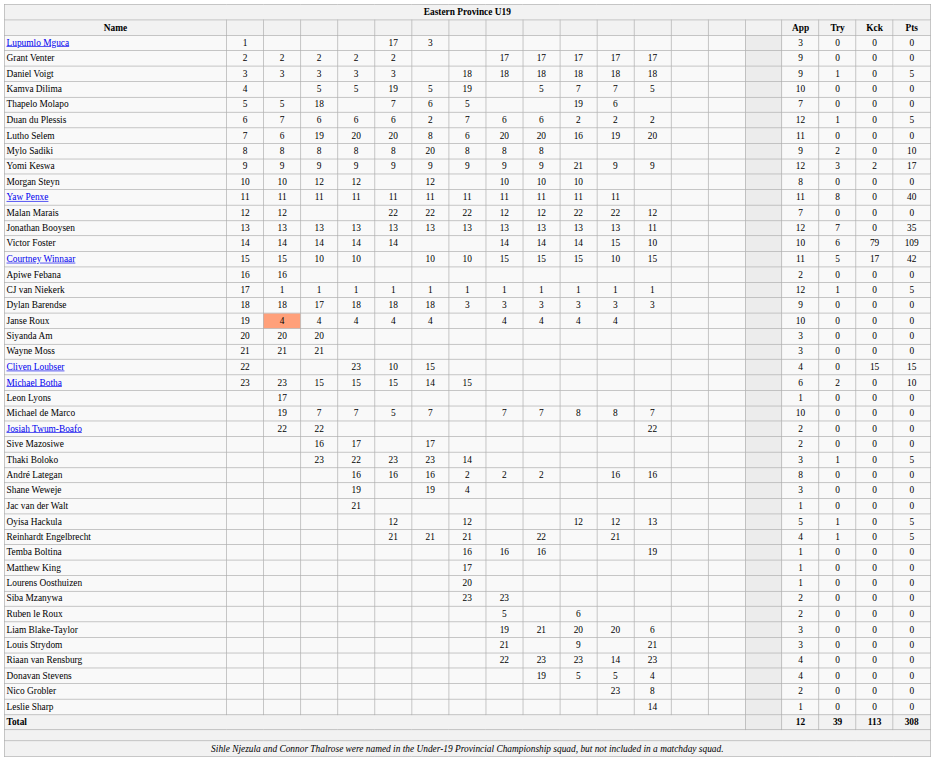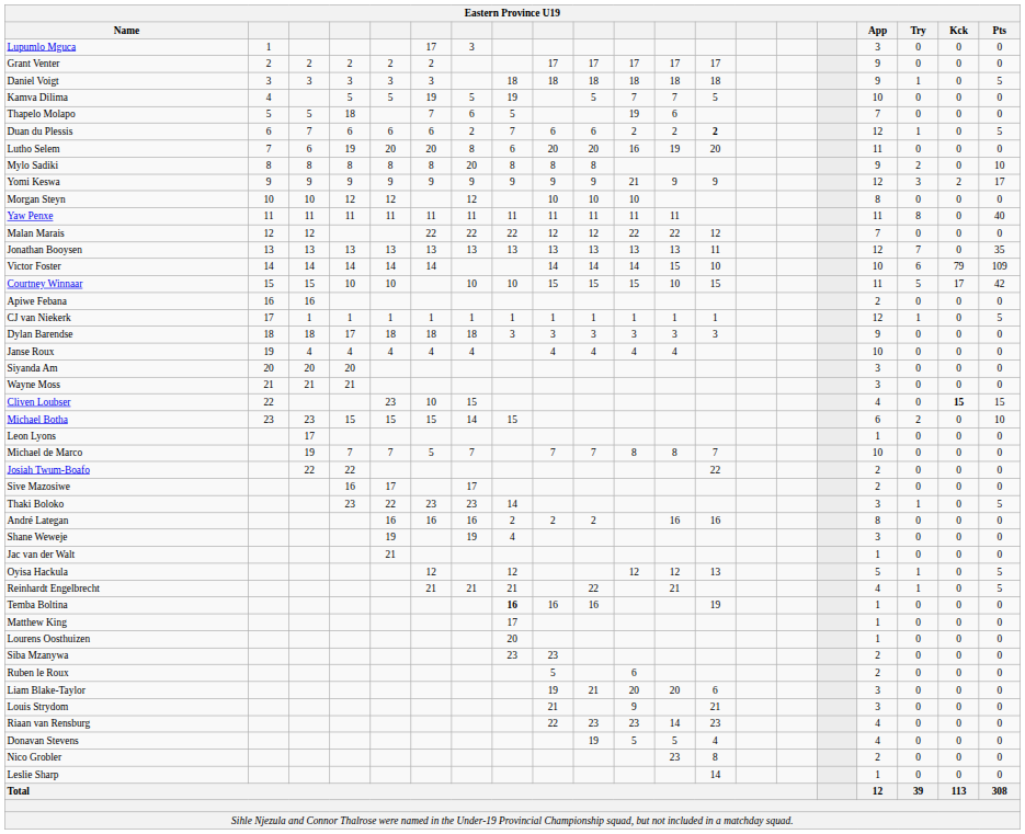 <table class="wikitable sortable" style="text-align:center; font-size:90%; width:90%">
 <tr>
 <th colspan="100%">Eastern Province U19</th>
 </tr>
 <tr>
 <th style="width:24%;">Name</th>
 <th style="width:4%;"></th>
 <th style="width:4%;"></th>
 <th style="width:4%;"></th>
 <th style="width:4%;"></th>
 <th style="width:4%;"></th>
 <th style="width:4%;"></th>
 <th style="width:4%;"></th>
 <th style="width:4%;"></th>
 <th style="width:4%;"></th>
 <th style="width:4%;"></th>
 <th style="width:4%;"></th>
 <th style="width:4%;"></th>
 <th style="width:4%;"></th>
 <th style="width:4%;"></th>
 <th style="width:4%;"></th>
 <th style="width:4%;">App</th>
 <th style="width:4%;">Try</th>
 <th style="width:4%;">Kck</th>
 <th style="width:4%;">Pts</th>
 </tr>
 <tr>
 <td style="text-align:left;"><a href='#'>Lupumlo Mguca</a></td>
 <td>1</td>
 <td></td>
 <td></td>
 <td></td>
 <td>17 </td>
 <td>3</td>
 <td></td>
 <td></td>
 <td></td>
 <td></td>
 <td></td>
 <td></td>
 <td></td>
 <td></td>
 <td style="background:#ECECEC;"></td>
 <td>3</td>
 <td>0</td>
 <td>0</td>
 <td>0</td>
 </tr>
 <tr>
 <td style="text-align:left;">Grant Venter</td>
 <td>2</td>
 <td>2</td>
 <td>2</td>
 <td>2</td>
 <td>2</td>
 <td></td>
 <td></td>
 <td>17 </td>
 <td>17 </td>
 <td>17</td>
 <td>17 </td>
 <td>17 </td>
 <td></td>
 <td></td>
 <td style="background:#ECECEC;"></td>
 <td>9</td>
 <td>0</td>
 <td>0</td>
 <td>0</td>
 </tr>
 <tr>
 <td style="text-align:left;">Daniel Voigt</td>
 <td>3</td>
 <td>3</td>
 <td>3</td>
 <td>3</td>
 <td>3</td>
 <td></td>
 <td>18 </td>
 <td>18 </td>
 <td>18 </td>
 <td>18</td>
 <td>18</td>
 <td>18 </td>
 <td></td>
 <td></td>
 <td style="background:#ECECEC;"></td>
 <td>9</td>
 <td>1</td>
 <td>0</td>
 <td>5</td>
 </tr>
 <tr>
 <td style="text-align:left;">Kamva Dilima</td>
 <td>4</td>
 <td></td>
 <td>5</td>
 <td>5</td>
 <td>19 </td>
 <td>5</td>
 <td>19 </td>
 <td></td>
 <td>5</td>
 <td>7</td>
 <td>7</td>
 <td>5</td>
 <td></td>
 <td></td>
 <td style="background:#ECECEC;"></td>
 <td>10</td>
 <td>0</td>
 <td>0</td>
 <td>0</td>
 </tr>
 <tr>
 <td style="text-align:left;">Thapelo Molapo</td>
 <td>5</td>
 <td>5</td>
 <td>18</td>
 <td></td>
 <td>7</td>
 <td>6</td>
 <td>5</td>
 <td></td>
 <td></td>
 <td>19 </td>
 <td>6</td>
 <td></td>
 <td></td>
 <td></td>
 <td style="background:#ECECEC;"></td>
 <td>7</td>
 <td>0</td>
 <td>0</td>
 <td>0</td>
 </tr>
 <tr>
 <td style="text-align:left;">Duan du Plessis</td>
 <td>6</td>
 <td>7</td>
 <td>6</td>
 <td>6</td>
 <td>6</td>
 <td>2</td>
 <td>7</td>
 <td>6</td>
 <td>6</td>
 <td>2</td>
 <td>2</td>
-<td>2</td>
+<td><strong>2</strong></td>
 <td></td>
 <td></td>
 <td style="background:#ECECEC;"></td>
 <td>12</td>
 <td>1</td>
 <td>0</td>
 <td>5</td>
 </tr>
 <tr>
 <td style="text-align:left;">Lutho Selem</td>
 <td>7</td>
 <td>6</td>
 <td>19 </td>
 <td>20 </td>
 <td>20 </td>
 <td>8</td>
 <td>6</td>
 <td>20 </td>
 <td>20 </td>
 <td>16 </td>
 <td>19</td>
 <td>20 </td>
 <td></td>
 <td></td>
 <td style="background:#ECECEC;"></td>
 <td>11</td>
 <td>0</td>
 <td>0</td>
 <td>0</td>
 </tr>
 <tr>
 <td style="text-align:left;">Mylo Sadiki</td>
 <td>8</td>
 <td>8</td>
 <td>8</td>
 <td>8</td>
 <td>8</td>
 <td>20 </td>
 <td>8</td>
 <td>8</td>
 <td>8</td>
 <td></td>
 <td></td>
 <td></td>
 <td></td>
 <td></td>
 <td style="background:#ECECEC;"></td>
 <td>9</td>
 <td>2</td>
 <td>0</td>
 <td>10</td>
 </tr>
 <tr>
 <td style="text-align:left;">Yomi Keswa</td>
 <td>9</td>
 <td>9</td>
 <td>9</td>
 <td>9</td>
 <td>9</td>
 <td>9</td>
 <td>9</td>
 <td>9</td>
 <td>9</td>
 <td>21 </td>
 <td>9</td>
 <td>9</td>
 <td></td>
 <td></td>
 <td style="background:#ECECEC;"></td>
 <td>12</td>
 <td>3</td>
 <td>2</td>
 <td>17</td>
 </tr>
 <tr>
 <td style="text-align:left;">Morgan Steyn</td>
 <td>10</td>
 <td>10</td>
 <td>12</td>
 <td>12</td>
 <td></td>
 <td>12</td>
 <td></td>
 <td>10</td>
 <td>10</td>
 <td>10</td>
 <td></td>
 <td></td>
 <td></td>
 <td></td>
 <td style="background:#ECECEC;"></td>
 <td>8</td>
 <td>0</td>
 <td>0</td>
 <td>0</td>
 </tr>
 <tr>
 <td style="text-align:left;"><a href='#'>Yaw Penxe</a></td>
 <td>11</td>
 <td>11</td>
 <td>11</td>
 <td>11</td>
 <td>11</td>
 <td>11</td>
 <td>11</td>
 <td>11</td>
 <td>11</td>
 <td>11</td>
 <td>11</td>
 <td></td>
 <td></td>
 <td></td>
 <td style="background:#ECECEC;"></td>
 <td>11</td>
 <td>8</td>
 <td>0</td>
 <td>40</td>
 </tr>
 <tr>
 <td style="text-align:left;">Malan Marais</td>
 <td>12</td>
 <td>12</td>
 <td></td>
 <td></td>
 <td>22</td>
 <td>22 </td>
 <td>22</td>
 <td>12</td>
 <td>12</td>
 <td>22</td>
 <td>22 </td>
 <td>12</td>
 <td></td>
 <td></td>
 <td style="background:#ECECEC;"></td>
 <td>7</td>
 <td>0</td>
 <td>0</td>
 <td>0</td>
 </tr>
 <tr>
 <td style="text-align:left;">Jonathan Booysen</td>
 <td>13</td>
 <td>13</td>
 <td>13</td>
 <td>13</td>
 <td>13</td>
 <td>13</td>
 <td>13</td>
 <td>13</td>
 <td>13</td>
 <td>13</td>
 <td>13</td>
 <td>11</td>
 <td></td>
 <td></td>
 <td style="background:#ECECEC;"></td>
 <td>12</td>
 <td>7</td>
 <td>0</td>
 <td>35</td>
 </tr>
 <tr>
 <td style="text-align:left;">Victor Foster</td>
 <td>14</td>
 <td>14</td>
 <td>14</td>
 <td>14</td>
 <td>14</td>
 <td></td>
 <td></td>
 <td>14</td>
 <td>14</td>
 <td>14</td>
 <td>15</td>
 <td>10</td>
 <td></td>
 <td></td>
 <td style="background:#ECECEC;"></td>
 <td>10</td>
 <td>6</td>
 <td>79</td>
 <td>109</td>
 </tr>
 <tr>
 <td style="text-align:left;"><a href='#'>Courtney Winnaar</a></td>
 <td>15</td>
 <td>15</td>
 <td>10</td>
 <td>10</td>
 <td></td>
 <td>10</td>
 <td>10</td>
 <td>15</td>
 <td>15</td>
 <td>15</td>
 <td>10</td>
 <td>15</td>
 <td></td>
 <td></td>
 <td style="background:#ECECEC;"></td>
 <td>11</td>
 <td>5</td>
 <td>17</td>
 <td>42</td>
 </tr>
 <tr>
 <td style="text-align:left;">Apiwe Febana</td>
 <td>16 </td>
 <td>16 </td>
 <td></td>
 <td></td>
 <td></td>
 <td></td>
 <td></td>
 <td></td>
 <td></td>
 <td></td>
 <td></td>
 <td></td>
 <td></td>
 <td></td>
 <td style="background:#ECECEC;"></td>
 <td>2</td>
 <td>0</td>
 <td>0</td>
 <td>0</td>
 </tr>
 <tr>
 <td style="text-align:left;">CJ van Niekerk</td>
 <td>17 </td>
 <td>1</td>
 <td>1</td>
 <td>1</td>
 <td>1</td>
 <td>1</td>
 <td>1</td>
 <td>1</td>
 <td>1</td>
 <td>1</td>
 <td>1</td>
 <td>1</td>
 <td></td>
 <td></td>
 <td style="background:#ECECEC;"></td>
 <td>12</td>
 <td>1</td>
 <td>0</td>
 <td>5</td>
 </tr>
 <tr>
 <td style="text-align:left;">Dylan Barendse</td>
 <td>18</td>
 <td>18 </td>
 <td>17</td>
 <td>18 </td>
 <td>18</td>
 <td>18 </td>
 <td>3</td>
 <td>3</td>
 <td>3</td>
 <td>3</td>
 <td>3</td>
 <td>3</td>
 <td></td>
 <td></td>
 <td style="background:#ECECEC;"></td>
 <td>9</td>
 <td>0</td>
 <td>0</td>
 <td>0</td>
 </tr>
 <tr>
 <td style="text-align:left;">Janse Roux</td>
 <td>19 </td>
-<td style="background: lightsalmon;">4</td>
+<td>4</td>
 <td>4</td>
 <td>4</td>
 <td>4</td>
 <td>4</td>
 <td></td>
 <td>4</td>
 <td>4</td>
 <td>4</td>
 <td>4</td>
 <td></td>
 <td></td>
 <td></td>
 <td style="background:#ECECEC;"></td>
 <td>10</td>
 <td>0</td>
 <td>0</td>
 <td>0</td>
 </tr>
 <tr>
 <td style="text-align:left;">Siyanda Am</td>
 <td>20 </td>
 <td>20 </td>
 <td>20 </td>
 <td></td>
 <td></td>
 <td></td>
 <td></td>
 <td></td>
 <td></td>
 <td></td>
 <td></td>
 <td></td>
 <td></td>
 <td></td>
 <td style="background:#ECECEC;"></td>
 <td>3</td>
 <td>0</td>
 <td>0</td>
 <td>0</td>
 </tr>
 <tr>
 <td style="text-align:left;">Wayne Moss</td>
 <td>21 </td>
 <td>21 </td>
 <td>21 </td>
 <td></td>
 <td></td>
 <td></td>
 <td></td>
 <td></td>
 <td></td>
 <td></td>
 <td></td>
 <td></td>
 <td></td>
 <td></td>
 <td style="background:#ECECEC;"></td>
 <td>3</td>
 <td>0</td>
 <td>0</td>
 <td>0</td>
 </tr>
 <tr>
 <td style="text-align:left;"><a href='#'>Cliven Loubser</a></td>
 <td>22 </td>
 <td></td>
 <td></td>
 <td>23 </td>
 <td>10</td>
 <td>15</td>
 <td></td>
 <td></td>
 <td></td>
 <td></td>
 <td></td>
 <td></td>
 <td></td>
 <td></td>
 <td style="background:#ECECEC;"></td>
 <td>4</td>
 <td>0</td>
-<td>15</td>
+<td><strong>15</strong></td>
 <td>15</td>
 </tr>
 <tr>
 <td style="text-align:left;"><a href='#'>Michael Botha</a></td>
 <td>23</td>
 <td>23 </td>
 <td>15</td>
 <td>15</td>
 <td>15</td>
 <td>14</td>
 <td>15</td>
 <td></td>
 <td></td>
 <td></td>
 <td></td>
 <td></td>
 <td></td>
 <td></td>
 <td style="background:#ECECEC;"></td>
 <td>6</td>
 <td>2</td>
 <td>0</td>
 <td>10</td>
 </tr>
 <tr>
 <td style="text-align:left;">Leon Lyons</td>
 <td></td>
 <td>17 </td>
 <td></td>
 <td></td>
 <td></td>
 <td></td>
 <td></td>
 <td></td>
 <td></td>
 <td></td>
 <td></td>
 <td></td>
 <td></td>
 <td></td>
 <td style="background:#ECECEC;"></td>
 <td>1</td>
 <td>0</td>
 <td>0</td>
 <td>0</td>
 </tr>
 <tr>
 <td style="text-align:left;">Michael de Marco</td>
 <td></td>
 <td>19 </td>
 <td>7</td>
 <td>7</td>
 <td>5</td>
 <td>7</td>
 <td></td>
 <td>7</td>
 <td>7</td>
 <td>8</td>
 <td>8</td>
 <td>7</td>
 <td></td>
 <td></td>
 <td style="background:#ECECEC;"></td>
 <td>10</td>
 <td>0</td>
 <td>0</td>
 <td>0</td>
 </tr>
 <tr>
 <td style="text-align:left;"><a href='#'>Josiah Twum-Boafo</a></td>
 <td></td>
 <td>22 </td>
 <td>22</td>
 <td></td>
 <td></td>
 <td></td>
 <td></td>
 <td></td>
 <td></td>
 <td></td>
 <td></td>
 <td>22 </td>
 <td></td>
 <td></td>
 <td style="background:#ECECEC;"></td>
 <td>2</td>
 <td>0</td>
 <td>0</td>
 <td>0</td>
 </tr>
 <tr>
 <td style="text-align:left;">Sive Mazosiwe</td>
 <td></td>
 <td></td>
 <td>16</td>
 <td>17 </td>
 <td></td>
 <td>17 </td>
 <td></td>
 <td></td>
 <td></td>
 <td></td>
 <td></td>
 <td></td>
 <td></td>
 <td></td>
 <td style="background:#ECECEC;"></td>
 <td>2</td>
 <td>0</td>
 <td>0</td>
 <td>0</td>
 </tr>
 <tr>
 <td style="text-align:left;">Thaki Boloko</td>
 <td></td>
 <td></td>
 <td>23</td>
 <td>22 </td>
 <td>23</td>
 <td>23 </td>
 <td>14</td>
 <td></td>
 <td></td>
 <td></td>
 <td></td>
 <td></td>
 <td></td>
 <td></td>
 <td style="background:#ECECEC;"></td>
 <td>3</td>
 <td>1</td>
 <td>0</td>
 <td>5</td>
 </tr>
 <tr>
 <td style="text-align:left;">André Lategan</td>
 <td></td>
 <td></td>
 <td></td>
 <td>16 </td>
 <td>16 </td>
 <td>16 </td>
 <td>2</td>
 <td>2</td>
 <td>2</td>
 <td></td>
 <td>16 </td>
 <td>16 </td>
 <td></td>
 <td></td>
 <td style="background:#ECECEC;"></td>
 <td>8</td>
 <td>0</td>
 <td>0</td>
 <td>0</td>
 </tr>
 <tr>
 <td style="text-align:left;">Shane Weweje</td>
 <td></td>
 <td></td>
 <td></td>
 <td>19 </td>
 <td></td>
 <td>19 </td>
 <td>4</td>
 <td></td>
 <td></td>
 <td></td>
 <td></td>
 <td></td>
 <td></td>
 <td></td>
 <td style="background:#ECECEC;"></td>
 <td>3</td>
 <td>0</td>
 <td>0</td>
 <td>0</td>
 </tr>
 <tr>
 <td style="text-align:left;">Jac van der Walt</td>
 <td></td>
 <td></td>
 <td></td>
 <td>21 </td>
 <td></td>
 <td></td>
 <td></td>
 <td></td>
 <td></td>
 <td></td>
 <td></td>
 <td></td>
 <td></td>
 <td></td>
 <td style="background:#ECECEC;"></td>
 <td>1</td>
 <td>0</td>
 <td>0</td>
 <td>0</td>
 </tr>
 <tr>
 <td style="text-align:left;">Oyisa Hackula</td>
 <td></td>
 <td></td>
 <td></td>
 <td></td>
 <td>12</td>
 <td></td>
 <td>12</td>
 <td></td>
 <td></td>
 <td>12</td>
 <td>12</td>
 <td>13</td>
 <td></td>
 <td></td>
 <td style="background:#ECECEC;"></td>
 <td>5</td>
 <td>1</td>
 <td>0</td>
 <td>5</td>
 </tr>
 <tr>
 <td style="text-align:left;">Reinhardt Engelbrecht</td>
 <td></td>
 <td></td>
 <td></td>
 <td></td>
 <td>21</td>
 <td>21 </td>
 <td>21 </td>
 <td></td>
 <td>22 </td>
 <td></td>
 <td>21 </td>
 <td></td>
 <td></td>
 <td></td>
 <td style="background:#ECECEC;"></td>
 <td>4</td>
 <td>1</td>
 <td>0</td>
 <td>5</td>
 </tr>
 <tr>
 <td style="text-align:left;">Temba Boltina</td>
 <td></td>
 <td></td>
 <td></td>
 <td></td>
 <td></td>
 <td></td>
-<td>16</td>
+<td><strong>16</strong></td>
 <td>16</td>
 <td>16 </td>
 <td></td>
 <td></td>
 <td>19</td>
 <td></td>
 <td></td>
 <td style="background:#ECECEC;"></td>
 <td>1</td>
 <td>0</td>
 <td>0</td>
 <td>0</td>
 </tr>
 <tr>
 <td style="text-align:left;">Matthew King</td>
 <td></td>
 <td></td>
 <td></td>
 <td></td>
 <td></td>
 <td></td>
 <td>17 </td>
 <td></td>
 <td></td>
 <td></td>
 <td></td>
 <td></td>
 <td></td>
 <td></td>
 <td style="background:#ECECEC;"></td>
 <td>1</td>
 <td>0</td>
 <td>0</td>
 <td>0</td>
 </tr>
 <tr>
 <td style="text-align:left;">Lourens Oosthuizen</td>
 <td></td>
 <td></td>
 <td></td>
 <td></td>
 <td></td>
 <td></td>
 <td>20 </td>
 <td></td>
 <td></td>
 <td></td>
 <td></td>
 <td></td>
 <td></td>
 <td></td>
 <td style="background:#ECECEC;"></td>
 <td>1</td>
 <td>0</td>
 <td>0</td>
 <td>0</td>
 </tr>
 <tr>
 <td style="text-align:left;">Siba Mzanywa</td>
 <td></td>
 <td></td>
 <td></td>
 <td></td>
 <td></td>
 <td></td>
 <td>23 </td>
 <td>23 </td>
 <td></td>
 <td></td>
 <td></td>
 <td></td>
 <td></td>
 <td></td>
 <td style="background:#ECECEC;"></td>
 <td>2</td>
 <td>0</td>
 <td>0</td>
 <td>0</td>
 </tr>
 <tr>
 <td style="text-align:left;">Ruben le Roux</td>
 <td></td>
 <td></td>
 <td></td>
 <td></td>
 <td></td>
 <td></td>
 <td></td>
 <td>5</td>
 <td></td>
 <td>6</td>
 <td></td>
 <td></td>
 <td></td>
 <td></td>
 <td style="background:#ECECEC;"></td>
 <td>2</td>
 <td>0</td>
 <td>0</td>
 <td>0</td>
 </tr>
 <tr>
 <td style="text-align:left;">Liam Blake-Taylor</td>
 <td></td>
 <td></td>
 <td></td>
 <td></td>
 <td></td>
 <td></td>
 <td></td>
 <td>19</td>
 <td>21 </td>
 <td>20 </td>
 <td>20</td>
 <td>6</td>
 <td></td>
 <td></td>
 <td style="background:#ECECEC;"></td>
 <td>3</td>
 <td>0</td>
 <td>0</td>
 <td>0</td>
 </tr>
 <tr>
 <td style="text-align:left;">Louis Strydom</td>
 <td></td>
 <td></td>
 <td></td>
 <td></td>
 <td></td>
 <td></td>
 <td></td>
 <td>21 </td>
 <td></td>
 <td>9</td>
 <td></td>
 <td>21 </td>
 <td></td>
 <td></td>
 <td style="background:#ECECEC;"></td>
 <td>3</td>
 <td>0</td>
 <td>0</td>
 <td>0</td>
 </tr>
 <tr>
 <td style="text-align:left;">Riaan van Rensburg</td>
 <td></td>
 <td></td>
 <td></td>
 <td></td>
 <td></td>
 <td></td>
 <td></td>
 <td>22 </td>
 <td>23 </td>
 <td>23</td>
 <td>14</td>
 <td>23 </td>
 <td></td>
 <td></td>
 <td style="background:#ECECEC;"></td>
 <td>4</td>
 <td>0</td>
 <td>0</td>
 <td>0</td>
 </tr>
 <tr>
 <td style="text-align:left;">Donavan Stevens</td>
 <td></td>
 <td></td>
 <td></td>
 <td></td>
 <td></td>
 <td></td>
 <td></td>
 <td></td>
 <td>19 </td>
 <td>5</td>
 <td>5</td>
 <td>4</td>
 <td></td>
 <td></td>
 <td style="background:#ECECEC;"></td>
 <td>4</td>
 <td>0</td>
 <td>0</td>
 <td>0</td>
 </tr>
 <tr>
 <td style="text-align:left;">Nico Grobler</td>
 <td></td>
 <td></td>
 <td></td>
 <td></td>
 <td></td>
 <td></td>
 <td></td>
 <td></td>
 <td></td>
 <td></td>
 <td>23 </td>
 <td>8</td>
 <td></td>
 <td></td>
 <td style="background:#ECECEC;"></td>
 <td>2</td>
 <td>0</td>
 <td>0</td>
 <td>0</td>
 </tr>
 <tr>
 <td style="text-align:left;">Leslie Sharp</td>
 <td></td>
 <td></td>
 <td></td>
 <td></td>
 <td></td>
 <td></td>
 <td></td>
 <td></td>
 <td></td>
 <td></td>
 <td></td>
 <td>14</td>
 <td></td>
 <td></td>
 <td style="background:#ECECEC;"></td>
 <td>1</td>
 <td>0</td>
 <td>0</td>
 <td>0</td>
 </tr>
 <tr>
 <th colspan="15" style="text-align:left;">Total</th>
 <th style="background:#ECECEC;"></th>
 <th>12</th>
 <th>39</th>
 <th>113</th>
 <th>308</th>
 </tr>
 <tr>
 <th colspan="100%" style="height: 10px;"></th>
 </tr>
 <tr>
 <th colspan="100%" style="text-align:center; font-weight:normal;"><em>Sihle Njezula and Connor Thalrose were named in the Under-19 Provincial Championship squad, but not included in a matchday squad.</em></th>
 </tr>
 </table>
